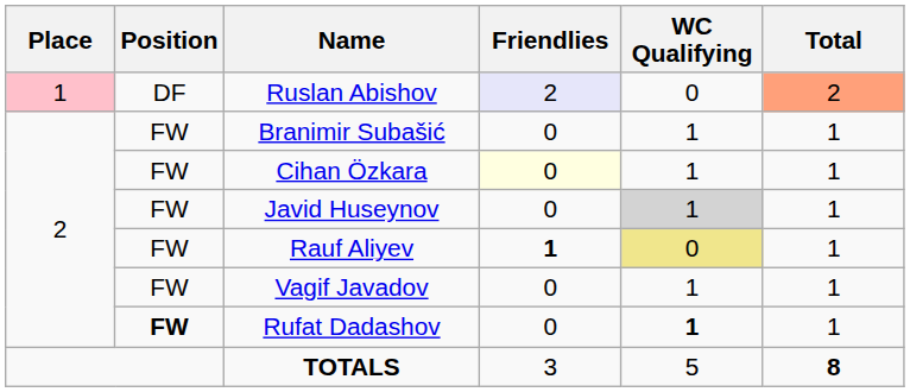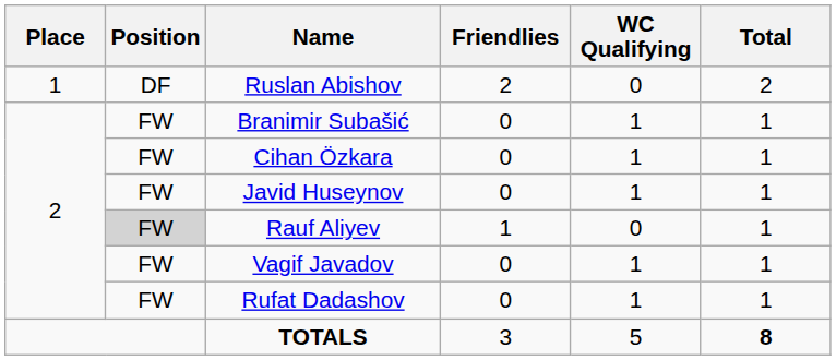 <table class="wikitable" style="font-size: 95%; text-align: center;">
 <tr>
 <th width=60>Place</th>
 <th width=60>Position</th>
 <th width=150>Name</th>
 <th width=80>Friendlies</th>
 <th width=80>WC Qualifying</th>
 <th width=80>Total</th>
 </tr>
 <tr>
-<td style="background: pink;">1</td>
+<td>1</td>
 <td>DF</td>
 <td><a href='#'>Ruslan Abishov</a></td>
-<td style="background: lavender;">2</td>
+<td>2</td>
 <td>0</td>
-<td style="background: lightsalmon;">2</td>
+<td>2</td>
 </tr>
 <tr>
 <td rowspan="6">2</td>
 <td>FW</td>
 <td><a href='#'>Branimir Subašić</a></td>
 <td>0</td>
 <td>1</td>
 <td>1</td>
 </tr>
 <tr>
 <td>FW</td>
 <td><a href='#'>Cihan Özkara</a></td>
-<td style="background: lightyellow;">0</td>
+<td>0</td>
 <td>1</td>
 <td>1</td>
 </tr>
 <tr>
 <td>FW</td>
 <td><a href='#'>Javid Huseynov</a></td>
 <td>0</td>
-<td style="background: lightgrey;">1</td>
+<td>1</td>
 <td>1</td>
 </tr>
 <tr>
-<td>FW</td>
+<td style="background: lightgrey;">FW</td>
 <td><a href='#'>Rauf Aliyev</a></td>
-<td><strong>1</strong></td>
-<td style="background: khaki;">0</td>
+<td>1</td>
+<td>0</td>
 <td>1</td>
 </tr>
 <tr>
 <td>FW</td>
 <td><a href='#'>Vagif Javadov</a></td>
 <td>0</td>
 <td>1</td>
 <td>1</td>
 </tr>
 <tr>
-<td><strong>FW</strong></td>
+<td>FW</td>
 <td><a href='#'>Rufat Dadashov</a></td>
 <td>0</td>
-<td><strong>1</strong></td>
+<td>1</td>
 <td>1</td>
 </tr>
 <tr>
 <td colspan="2"></td>
 <td><strong>TOTALS</strong></td>
 <td>3</td>
 <td>5</td>
 <td><strong>8</strong></td>
 </tr>
 </table>
